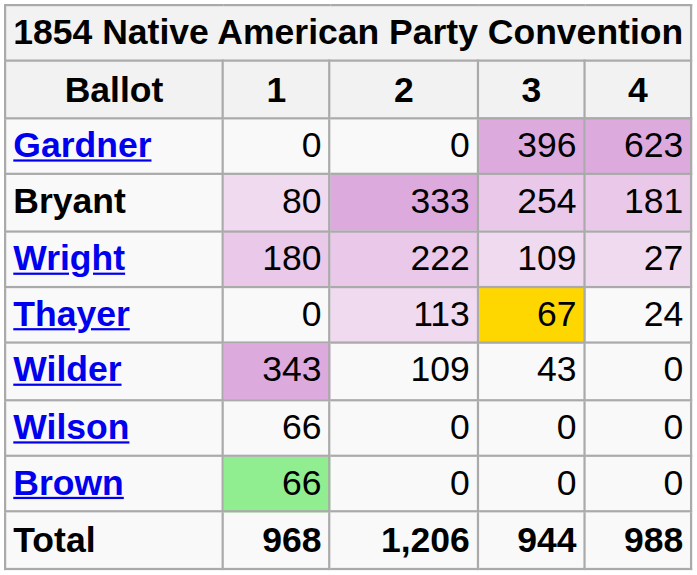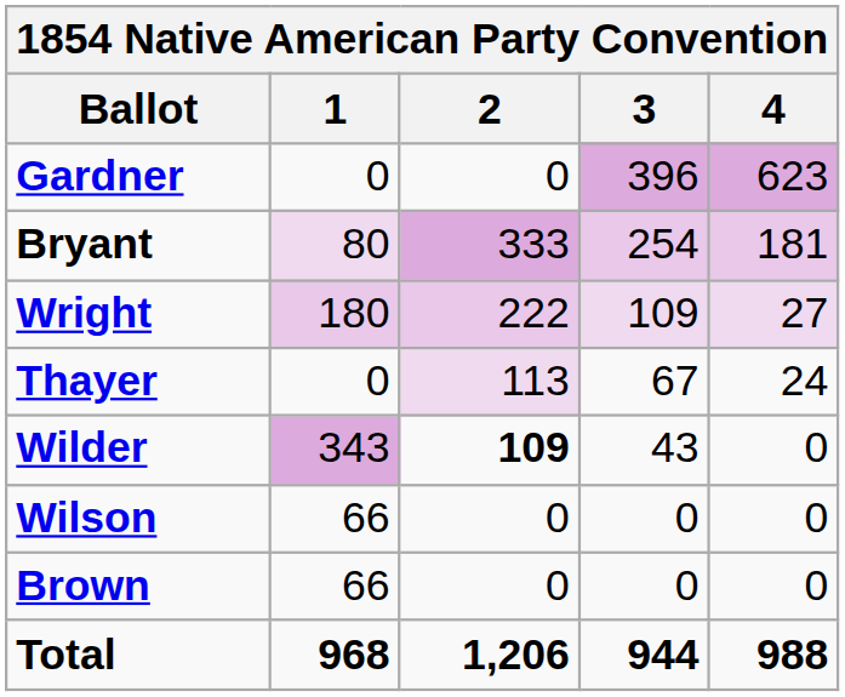 <table class="wikitable" style="text-align:right;">
 <tr>
 <th colspan="5">1854 Native American Party Convention</th>
 </tr>
 <tr>
 <th>Ballot</th>
 <th>1</th>
 <th>2</th>
 <th>3</th>
 <th>4</th>
 </tr>
 <tr>
 <td align=left><strong><a href='#'>Gardner</a></strong></td>
 <td>0</td>
 <td>0</td>
 <td style="background:#dad;">396</td>
 <td style="background:#dad;">623</td>
 </tr>
 <tr>
 <td align=left><strong>Bryant</strong></td>
 <td style="background:#f0daf0;">80</td>
 <td style="background:#dad;">333</td>
 <td style="background:#e9c8e9;">254</td>
 <td style="background:#e9c8e9;">181</td>
 </tr>
 <tr>
 <td align=left><strong><a href='#'>Wright</a></strong></td>
 <td style="background:#e9c8e9;">180</td>
 <td style="background:#e9c8e9;">222</td>
 <td style="background:#f0daf0;">109</td>
 <td style="background:#f0daf0;">27</td>
 </tr>
 <tr>
 <td align=left><strong><a href='#'>Thayer</a></strong></td>
 <td>0</td>
 <td style="background:#f0daf0;">113</td>
-<td style="background: gold;">67</td>
+<td>67</td>
 <td>24</td>
 </tr>
 <tr>
 <td align=left><strong><a href='#'>Wilder</a></strong></td>
 <td style="background:#dad;">343</td>
-<td>109</td>
+<td><strong>109</strong></td>
 <td>43</td>
 <td>0</td>
 </tr>
 <tr>
 <td align=left><strong><a href='#'>Wilson</a></strong></td>
 <td>66</td>
 <td>0</td>
 <td>0</td>
 <td>0</td>
 </tr>
 <tr>
 <td align=left><strong><a href='#'>Brown</a></strong></td>
-<td style="background: lightgreen;">66</td>
+<td>66</td>
 <td>0</td>
 <td>0</td>
 <td>0</td>
 </tr>
 <tr>
 <td align=left><strong>Total</strong></td>
 <td><strong>968</strong></td>
 <td><strong>1,206</strong></td>
 <td><strong>944</strong></td>
 <td><strong>988</strong></td>
 </tr>
 </table>
